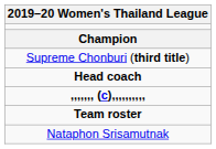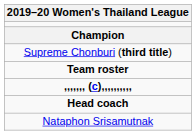 <table class="wikitable" style="text-align: center;">
 <tr>
 <th>2019–20 Women's Thailand League</th>
 </tr>
 <tr>
 <td></td>
 </tr>
 <tr>
 <th>Champion</th>
 </tr>
 <tr>
 <td><a href='#'>Supreme Chonburi</a> (<strong>third title</strong>)</td>
 </tr>
 <tr>
-<td><strong>Head coach</strong></td>
+<td><strong>Team roster</strong></td>
 </tr>
 <tr>
 <td><strong>,,,,,,, (<a href='#'>c</a>),,,,,,,,,,</strong></td>
 </tr>
 <tr>
-<td><strong>Team roster</strong></td>
+<td><strong>Head coach</strong></td>
 </tr>
 <tr>
 <td><a href='#'>Nataphon Srisamutnak</a></td>
 </tr>
 </table>
